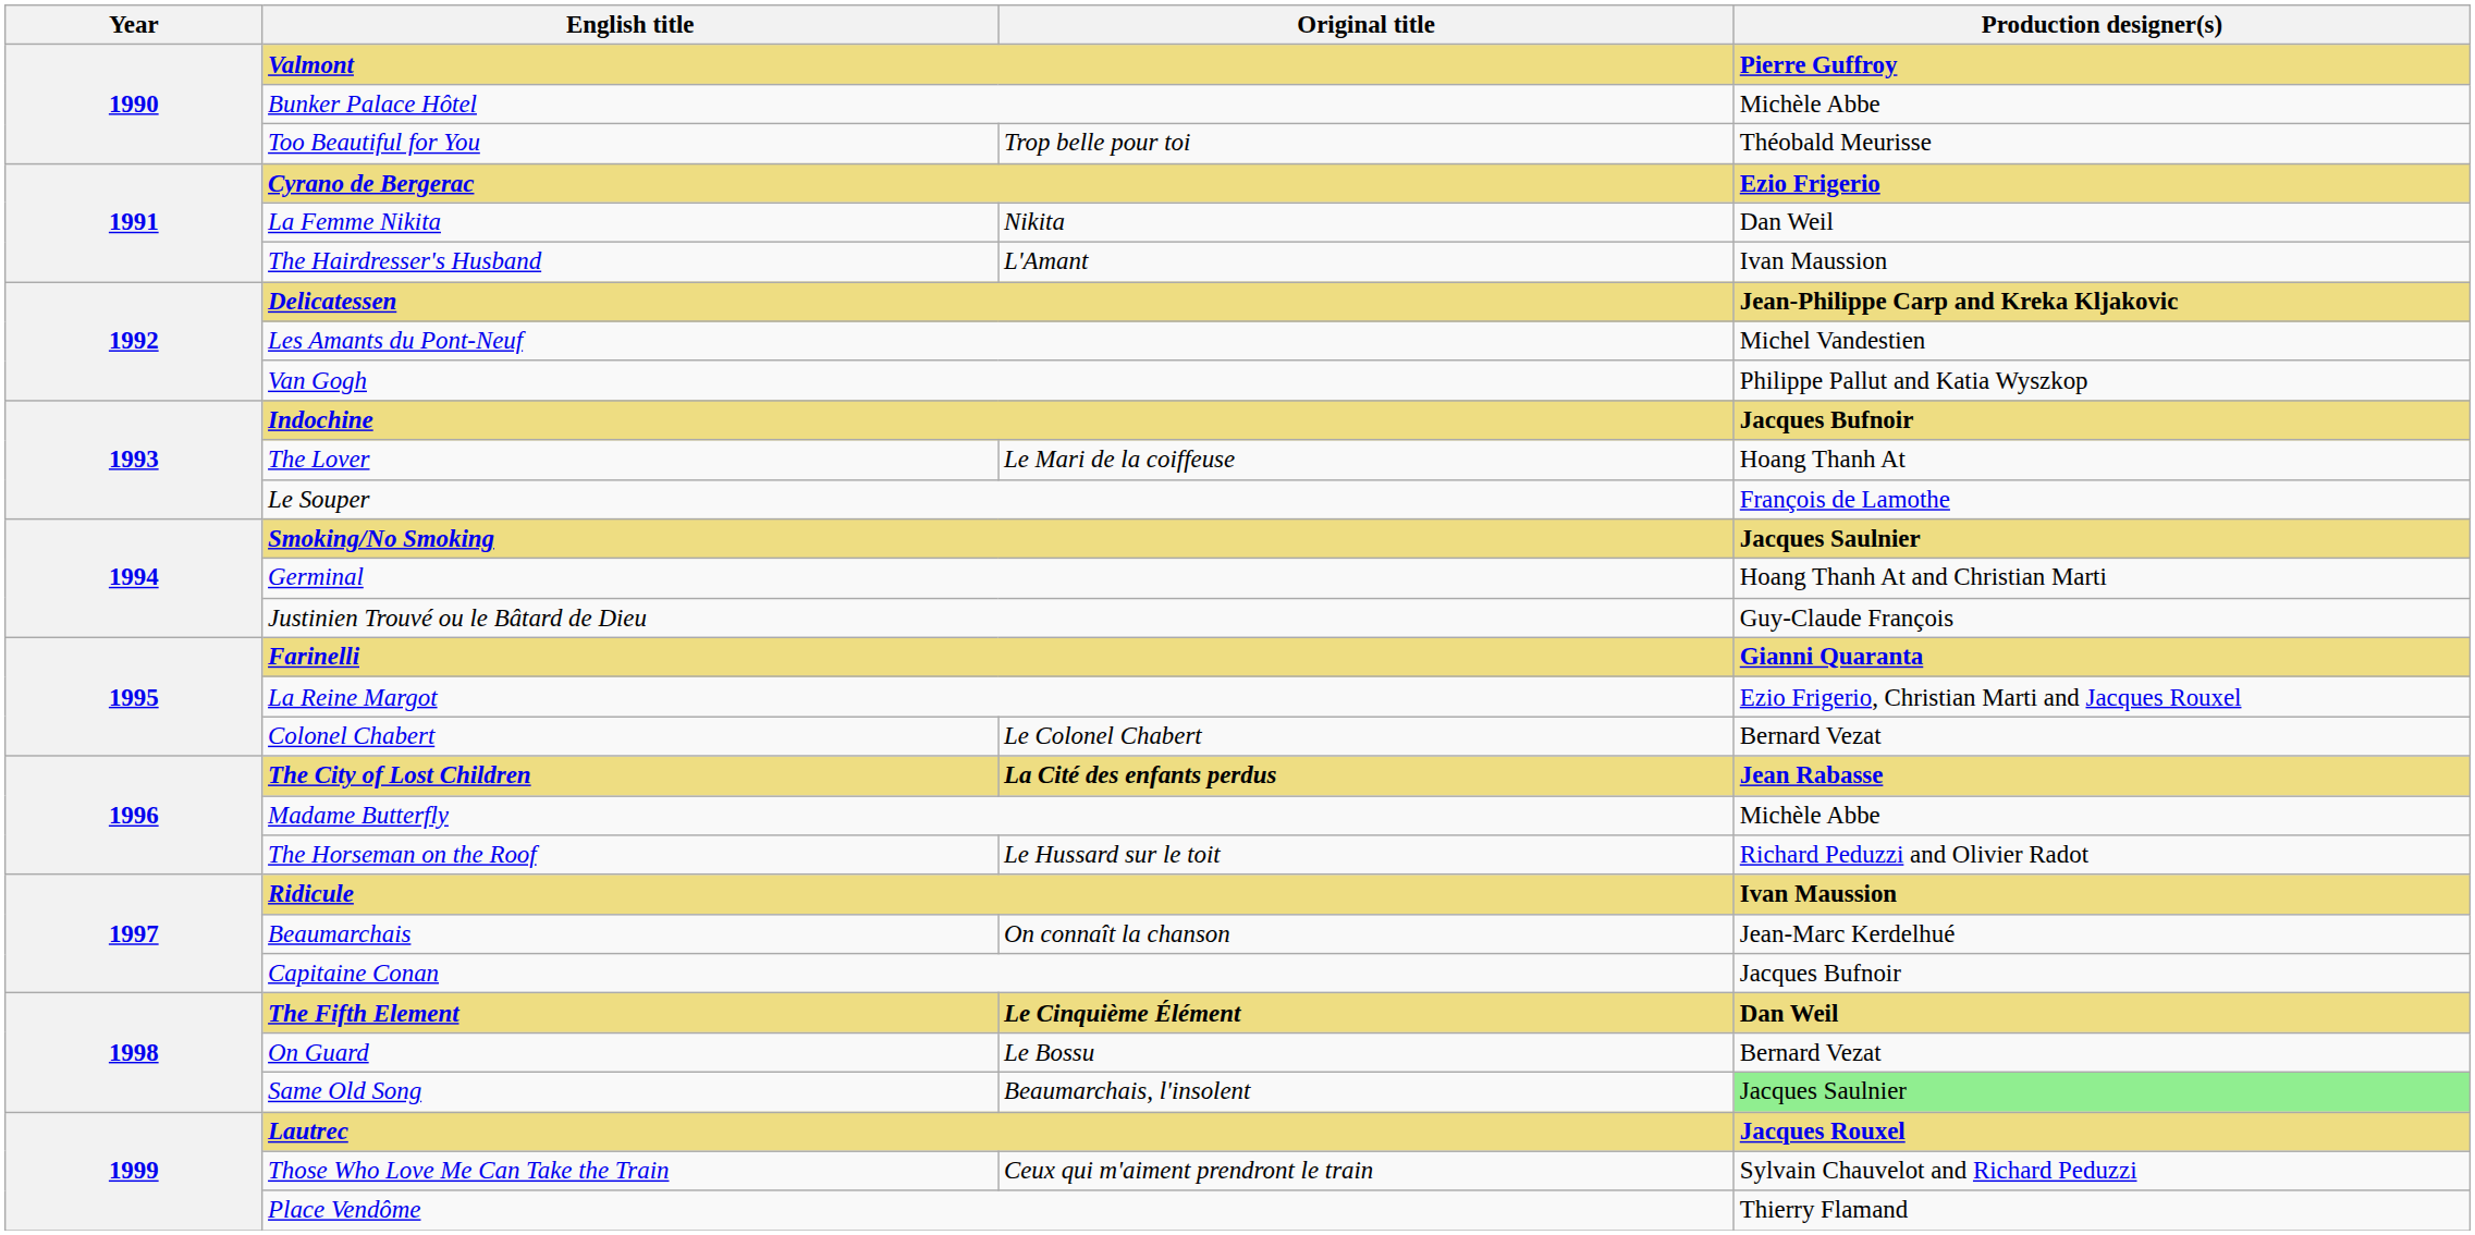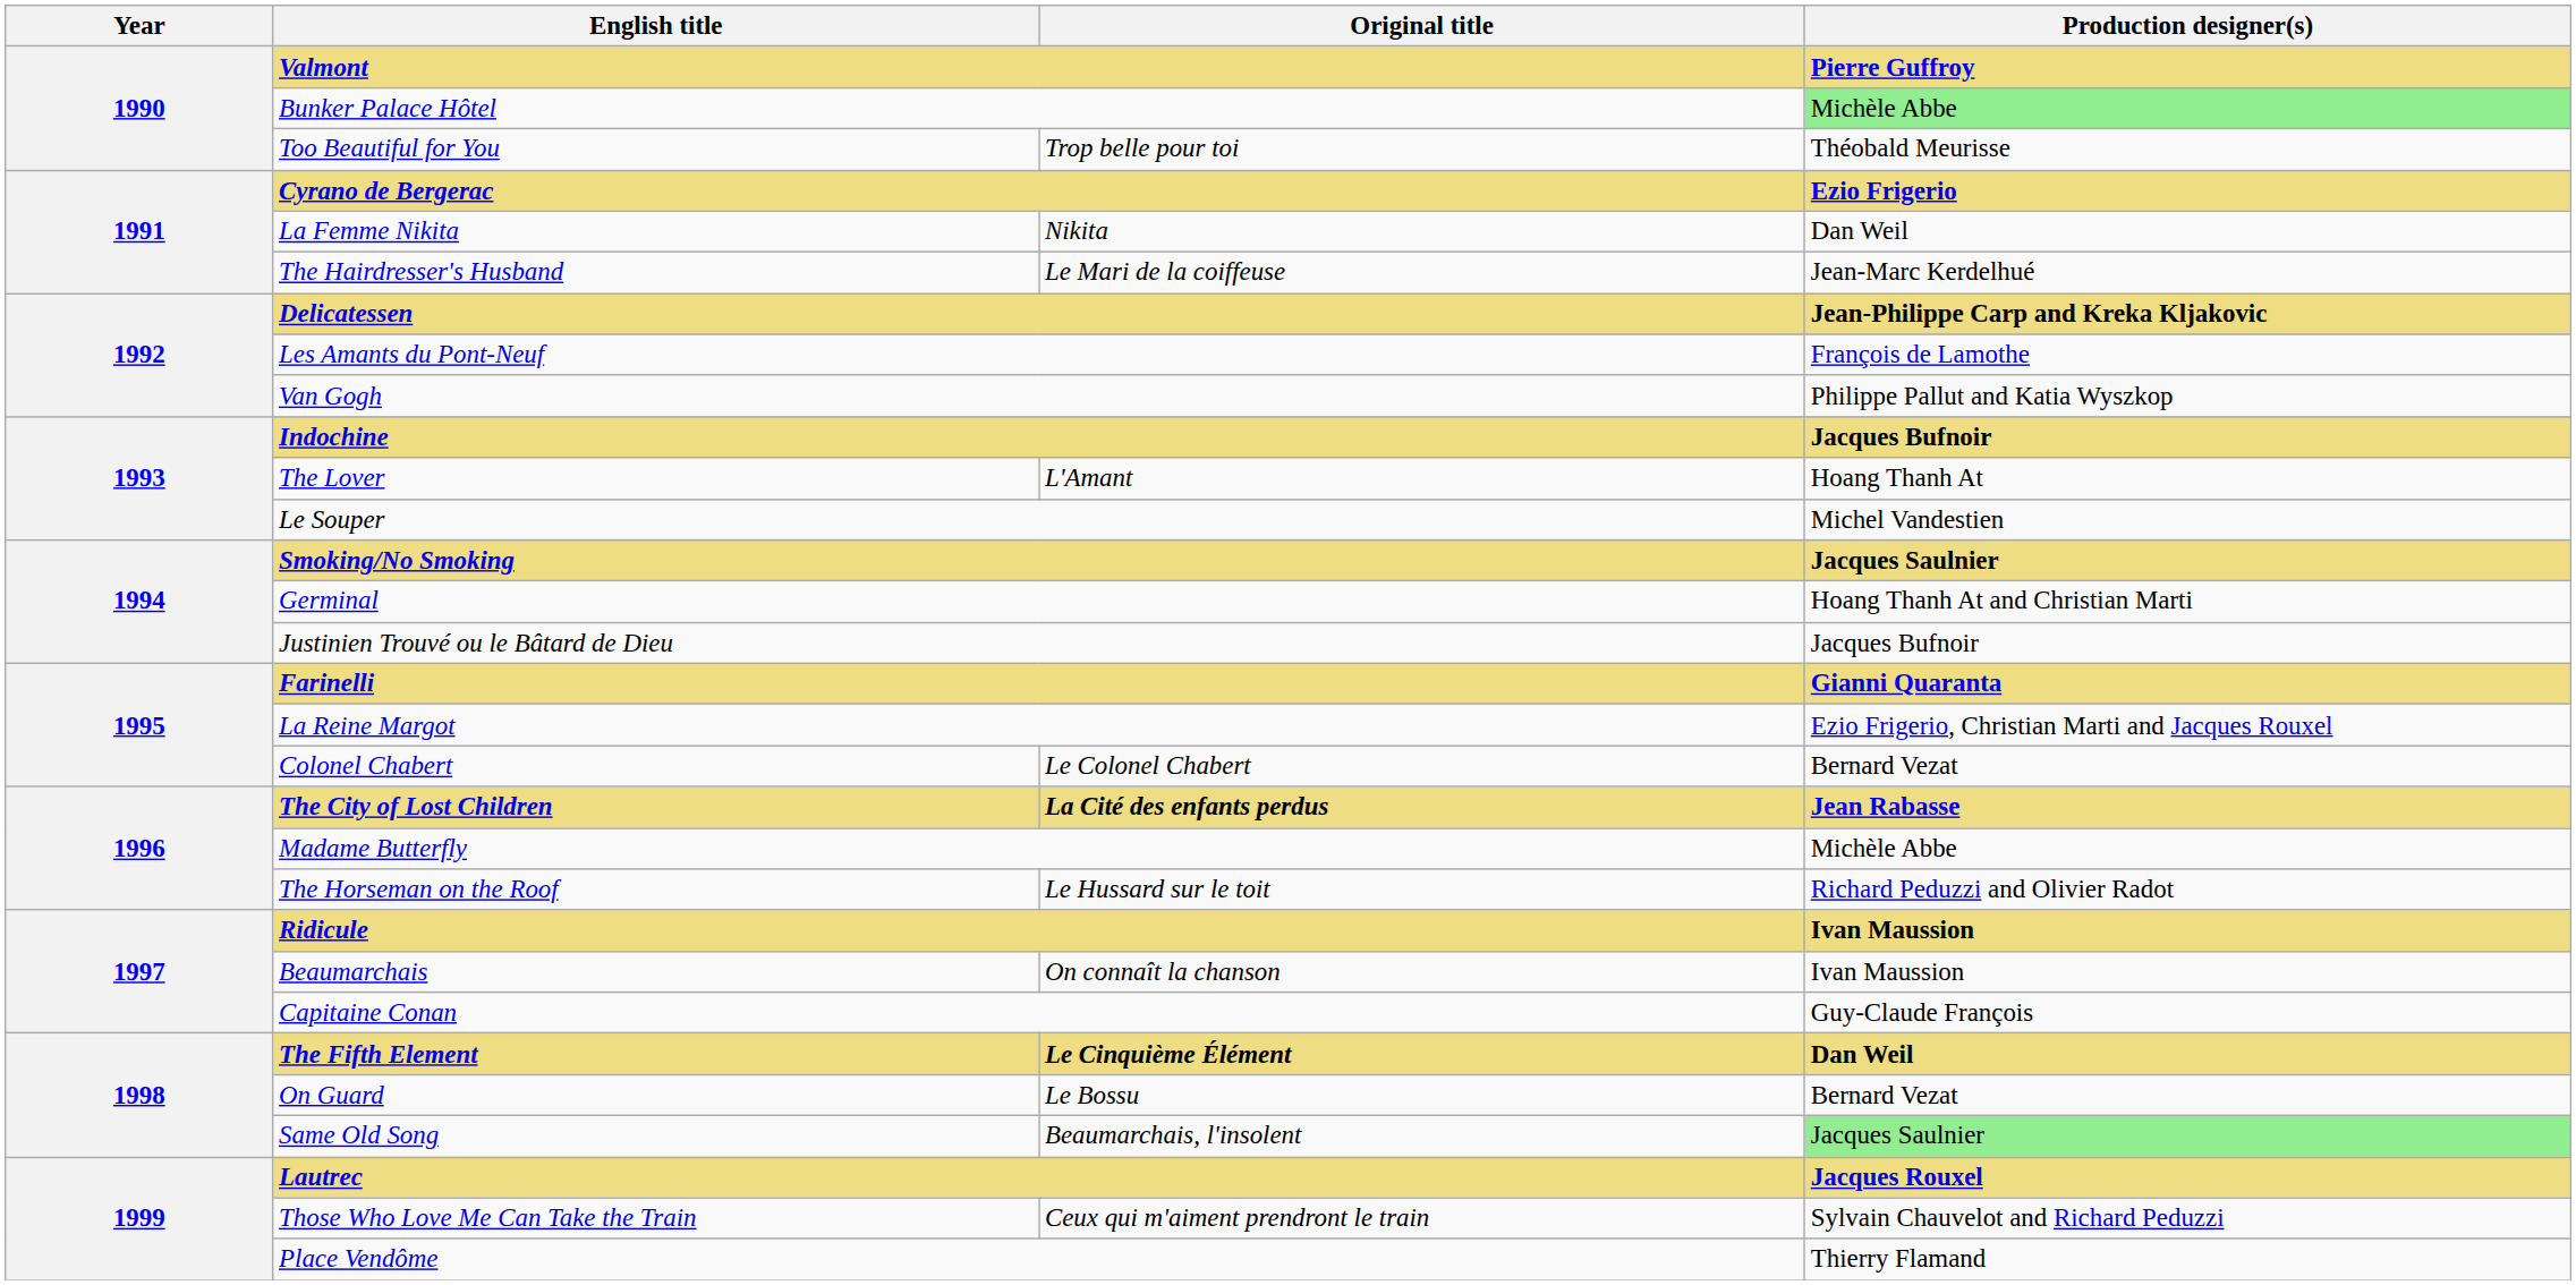 <table class="wikitable" style="width:100%;" cellpadding="5">
 <tr>
 <th style="width:100px;">Year</th>
 <th style="width:300px;">English title</th>
 <th style="width:300px;">Original title</th>
 <th style="width:300px;">Production designer(s)</th>
 </tr>
 <tr>
 <th rowspan="3" style="text-align:center;"><a href='#'>1990</a></th>
 <td colspan="2" style="background:#eedd82;"><em><a href='#'><strong>Valmont</strong></a></em></td>
 <td style="background:#eedd82;"><strong><a href='#'>Pierre Guffroy</a></strong></td>
 </tr>
 <tr>
 <td colspan="2"><em><a href='#'>Bunker Palace Hôtel</a></em></td>
-<td>Michèle Abbe</td>
+<td style="background: lightgreen;">Michèle Abbe</td>
 </tr>
 <tr>
 <td><em><a href='#'>Too Beautiful for You</a></em></td>
 <td><em>Trop belle pour toi</em></td>
 <td>Théobald Meurisse</td>
 </tr>
 <tr>
 <th rowspan="3" style="text-align:center;"><a href='#'>1991</a></th>
 <td colspan="2" style="background:#eedd82;"><em><a href='#'><strong>Cyrano de Bergerac</strong></a></em></td>
 <td style="background:#eedd82;"><strong><a href='#'>Ezio Frigerio</a></strong></td>
 </tr>
 <tr>
 <td><em><a href='#'>La Femme Nikita</a></em></td>
 <td><em>Nikita</em></td>
 <td>Dan Weil</td>
 </tr>
 <tr>
 <td><em><a href='#'>The Hairdresser's Husband</a></em></td>
-<td><em>L'Amant</em></td>
-<td>Ivan Maussion</td>
+<td><em>Le Mari de la coiffeuse</em></td>
+<td>Jean-Marc Kerdelhué</td>
 </tr>
 <tr>
 <th rowspan="3" style="text-align:center;"><a href='#'>1992</a></th>
 <td colspan="2" style="background:#eedd82;"><em><a href='#'><strong>Delicatessen</strong></a></em></td>
 <td style="background:#eedd82;"><strong>Jean-Philippe Carp and Kreka Kljakovic</strong></td>
 </tr>
 <tr>
 <td colspan="2"><em><a href='#'>Les Amants du Pont-Neuf</a></em></td>
-<td>Michel Vandestien</td>
+<td><a href='#'>François de Lamothe</a></td>
 </tr>
 <tr>
 <td colspan="2"><em><a href='#'>Van Gogh</a></em></td>
 <td>Philippe Pallut and Katia Wyszkop</td>
 </tr>
 <tr>
 <th rowspan="3" style="text-align:center;"><a href='#'>1993</a></th>
 <td colspan="2" style="background:#eedd82;"><em><a href='#'><strong>Indochine</strong></a></em></td>
 <td style="background:#eedd82;"><strong>Jacques Bufnoir</strong></td>
 </tr>
 <tr>
 <td><em><a href='#'>The Lover</a></em></td>
-<td><em>Le Mari de la coiffeuse</em></td>
+<td><em>L'Amant</em></td>
 <td>Hoang Thanh At</td>
 </tr>
 <tr>
 <td colspan="2"><em>Le Souper</em></td>
-<td><a href='#'>François de Lamothe</a></td>
+<td>Michel Vandestien</td>
 </tr>
 <tr>
 <th rowspan="3" style="text-align:center;"><a href='#'>1994</a></th>
 <td colspan="2" style="background:#eedd82;"><em><a href='#'><strong>Smoking/No Smoking</strong></a></em></td>
 <td style="background:#eedd82;"><strong>Jacques Saulnier</strong></td>
 </tr>
 <tr>
 <td colspan="2"><em><a href='#'>Germinal</a></em></td>
 <td>Hoang Thanh At and Christian Marti</td>
 </tr>
 <tr>
 <td colspan="2"><em>Justinien Trouvé ou le Bâtard de Dieu</em></td>
-<td>Guy-Claude François</td>
+<td>Jacques Bufnoir</td>
 </tr>
 <tr>
 <th rowspan="3" style="text-align:center;"><a href='#'>1995</a></th>
 <td colspan="2" style="background:#eedd82;"><em><a href='#'><strong>Farinelli</strong></a></em></td>
 <td style="background:#eedd82;"><strong><a href='#'>Gianni Quaranta</a></strong></td>
 </tr>
 <tr>
 <td colspan="2"><em><a href='#'>La Reine Margot</a></em></td>
 <td><a href='#'>Ezio Frigerio</a>, Christian Marti and <a href='#'>Jacques Rouxel</a></td>
 </tr>
 <tr>
 <td><em><a href='#'>Colonel Chabert</a></em></td>
 <td><em>Le Colonel Chabert</em></td>
 <td>Bernard Vezat</td>
 </tr>
 <tr>
 <th rowspan="3" style="text-align:center;"><a href='#'>1996</a></th>
 <td style="background:#eedd82;"><em><a href='#'><strong>The City of Lost Children</strong></a></em></td>
 <td style="background:#eedd82;"><strong><em>La Cité des enfants perdus</em></strong></td>
 <td style="background:#eedd82;"><strong><a href='#'>Jean Rabasse</a></strong></td>
 </tr>
 <tr>
 <td colspan="2"><em><a href='#'>Madame Butterfly</a></em></td>
 <td>Michèle Abbe</td>
 </tr>
 <tr>
 <td><em><a href='#'>The Horseman on the Roof</a></em></td>
 <td><em>Le Hussard sur le toit</em></td>
 <td><a href='#'>Richard Peduzzi</a> and Olivier Radot</td>
 </tr>
 <tr>
 <th rowspan="3" style="text-align:center;"><a href='#'>1997</a></th>
 <td colspan="2" style="background:#eedd82;"><em><a href='#'><strong>Ridicule</strong></a></em></td>
 <td style="background:#eedd82;"><strong>Ivan Maussion</strong></td>
 </tr>
 <tr>
 <td><em><a href='#'>Beaumarchais</a></em></td>
 <td><em>On connaît la chanson</em></td>
-<td>Jean-Marc Kerdelhué</td>
+<td>Ivan Maussion</td>
 </tr>
 <tr>
 <td colspan="2"><em><a href='#'>Capitaine Conan</a></em></td>
-<td>Jacques Bufnoir</td>
+<td>Guy-Claude François</td>
 </tr>
 <tr>
 <th rowspan="3" style="text-align:center;"><a href='#'>1998</a></th>
 <td style="background:#eedd82;"><em><a href='#'><strong>The Fifth Element</strong></a></em></td>
 <td style="background:#eedd82;"><strong><em>Le Cinquième Élément</em></strong></td>
 <td style="background:#eedd82;"><strong>Dan Weil</strong></td>
 </tr>
 <tr>
 <td><em><a href='#'>On Guard</a></em></td>
 <td><em>Le Bossu</em></td>
 <td>Bernard Vezat</td>
 </tr>
 <tr>
 <td><em><a href='#'>Same Old Song</a></em></td>
 <td><em>Beaumarchais, l'insolent</em></td>
 <td style="background: lightgreen;">Jacques Saulnier</td>
 </tr>
 <tr>
 <th rowspan="3" style="text-align:center;"><a href='#'>1999</a></th>
 <td colspan="2" style="background:#eedd82;"><em><a href='#'><strong>Lautrec</strong></a></em></td>
 <td style="background:#eedd82;"><a href='#'><strong>Jacques Rouxel</strong></a></td>
 </tr>
 <tr>
 <td><em><a href='#'>Those Who Love Me Can Take the Train</a></em></td>
 <td><em>Ceux qui m'aiment prendront le train</em></td>
 <td>Sylvain Chauvelot and <a href='#'>Richard Peduzzi</a></td>
 </tr>
 <tr>
 <td colspan="2"><em><a href='#'>Place Vendôme</a></em></td>
 <td>Thierry Flamand</td>
 </tr>
 </table>
